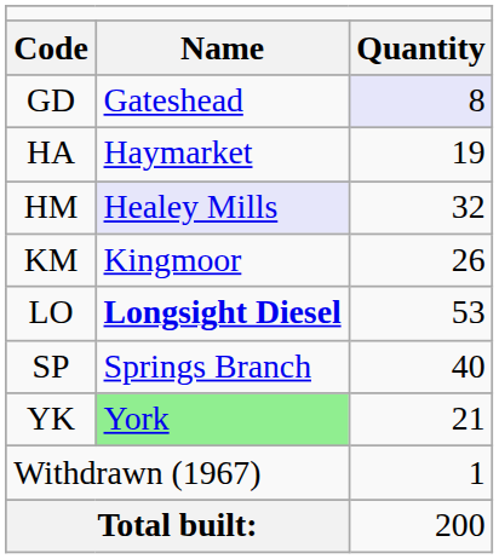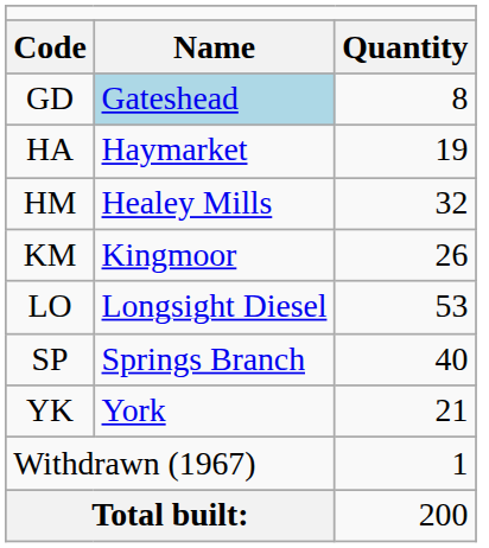 <table class="wikitable floatright">
 <tr>
 <td colspan=3></td>
 </tr>
 <tr>
 <th>Code</th>
 <th>Name</th>
 <th>Quantity</th>
 </tr>
 <tr>
 <td style="text-align:center">GD</td>
-<td><a href='#'>Gateshead</a></td>
-<td style="background: lavender; text-align:right">8</td>
+<td style="background: lightblue;"><a href='#'>Gateshead</a></td>
+<td style="text-align:right">8</td>
 </tr>
 <tr>
 <td style="text-align:center">HA</td>
 <td><a href='#'>Haymarket</a></td>
 <td style="text-align:right">19</td>
 </tr>
 <tr>
 <td style="text-align:center">HM</td>
-<td style="background: lavender;"><a href='#'>Healey Mills</a></td>
+<td><a href='#'>Healey Mills</a></td>
 <td style="text-align:right">32</td>
 </tr>
 <tr>
 <td style="text-align:center">KM</td>
 <td><a href='#'>Kingmoor</a></td>
 <td style="text-align:right">26</td>
 </tr>
 <tr>
 <td style="text-align:center">LO</td>
-<td><strong><a href='#'>Longsight Diesel</a></strong></td>
+<td><a href='#'>Longsight Diesel</a></td>
 <td style="text-align:right">53</td>
 </tr>
 <tr>
 <td style="text-align:center">SP</td>
 <td><a href='#'>Springs Branch</a></td>
 <td style="text-align:right">40</td>
 </tr>
 <tr>
 <td style="text-align:center">YK</td>
-<td style="background: lightgreen;"><a href='#'>York</a></td>
+<td><a href='#'>York</a></td>
 <td style="text-align:right">21</td>
 </tr>
 <tr>
 <td colspan=2>Withdrawn (1967)</td>
 <td style="text-align:right">1</td>
 </tr>
 <tr>
 <th colspan=2 scope=row>Total built:</th>
 <td style="text-align:right">200</td>
 </tr>
 </table>
